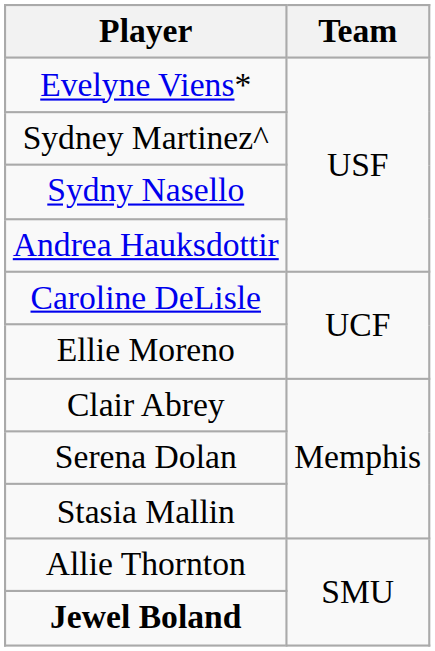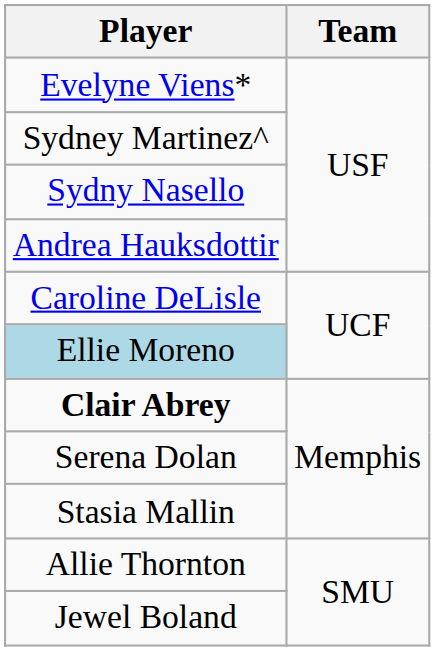 <table class="wikitable" style="text-align: center;">
 <tr>
 <th>Player</th>
 <th>Team</th>
 </tr>
 <tr>
 <td><a href='#'>Evelyne Viens</a>*</td>
 <td rowspan=4>USF</td>
 </tr>
 <tr>
 <td>Sydney Martinez^</td>
 </tr>
 <tr>
 <td><a href='#'>Sydny Nasello</a></td>
 </tr>
 <tr>
 <td><a href='#'>Andrea Hauksdottir</a></td>
 </tr>
 <tr>
 <td><a href='#'>Caroline DeLisle</a></td>
 <td rowspan=2>UCF</td>
 </tr>
 <tr>
-<td>Ellie Moreno</td>
+<td style="background: lightblue;">Ellie Moreno</td>
 </tr>
 <tr>
-<td>Clair Abrey</td>
+<td><strong>Clair Abrey</strong></td>
 <td rowspan=3>Memphis</td>
 </tr>
 <tr>
 <td>Serena Dolan</td>
 </tr>
 <tr>
 <td>Stasia Mallin</td>
 </tr>
 <tr>
 <td>Allie Thornton</td>
 <td rowspan=2>SMU</td>
 </tr>
 <tr>
-<td><strong>Jewel Boland</strong></td>
+<td>Jewel Boland</td>
 </tr>
 </table>
